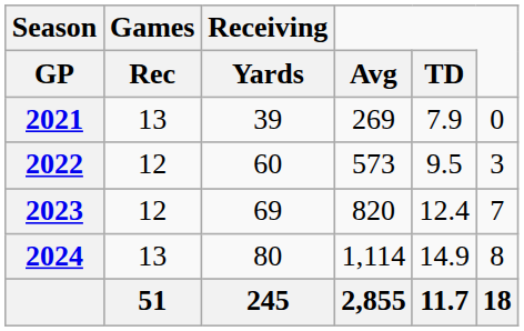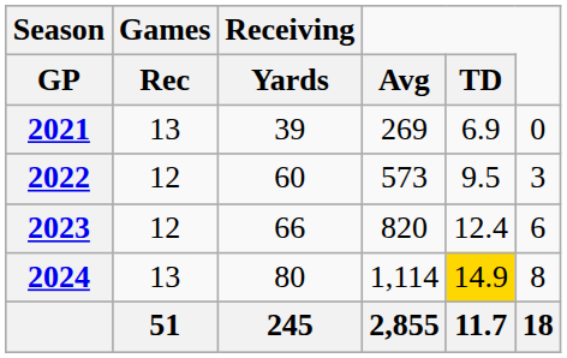 <table class="wikitable" style="text-align:center;">
 <tr>
 <th>Season</th>
 <th>Games</th>
 <th>Receiving</th>
 </tr>
 <tr>
 <th>GP</th>
 <th>Rec</th>
 <th>Yards</th>
 <th>Avg</th>
 <th>TD</th>
 </tr>
 <tr>
 <th><a href='#'>2021</a></th>
 <td>13</td>
 <td>39</td>
 <td>269</td>
-<td>7.9</td>
+<td>6.9</td>
 <td>0</td>
 </tr>
 <tr>
 <th><a href='#'>2022</a></th>
 <td>12</td>
 <td>60</td>
 <td>573</td>
 <td>9.5</td>
 <td>3</td>
 </tr>
 <tr>
 <th><a href='#'>2023</a></th>
 <td>12</td>
-<td>69</td>
+<td>66</td>
 <td>820</td>
 <td>12.4</td>
-<td>7</td>
+<td>6</td>
 </tr>
 <tr>
 <th><a href='#'>2024</a></th>
 <td>13</td>
 <td>80</td>
 <td>1,114</td>
-<td>14.9</td>
+<td style="background: gold;">14.9</td>
 <td>8</td>
 </tr>
 <tr>
 <th></th>
 <th>51</th>
 <th>245</th>
 <th>2,855</th>
 <th>11.7</th>
 <th>18</th>
 </tr>
 </table>
